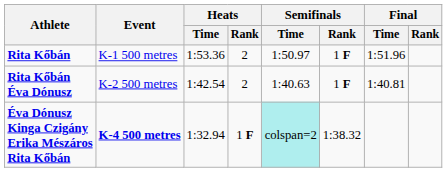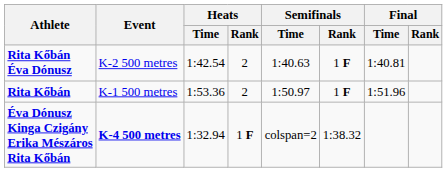 <table class=wikitable style="font-size:90%">
 <tr>
 <th rowspan="2">Athlete</th>
 <th rowspan="2">Event</th>
 <th colspan=2>Heats</th>
 <th colspan=2>Semifinals</th>
 <th colspan=2>Final</th>
 </tr>
 <tr style="font-size:95%">
 <th>Time</th>
 <th>Rank</th>
 <th>Time</th>
 <th>Rank</th>
 <th>Time</th>
 <th>Rank</th>
 </tr>
 <tr align=center>
+<td align=left><strong><a href='#'>Rita Kőbán</a><br><a href='#'>Éva Dónusz</a></strong></td>
+<td align=left><a href='#'>K-2 500 metres</a></td>
+<td>1:42.54</td>
+<td>2</td>
+<td>1:40.63</td>
+<td>1 <strong>F</strong></td>
+<td>1:40.81</td>
+<td></td>
+</tr>
+<tr align=center>
 <td align=left><strong><a href='#'>Rita Kőbán</a></strong></td>
 <td align=left><a href='#'>K-1 500 metres</a></td>
 <td>1:53.36</td>
 <td>2</td>
 <td>1:50.97</td>
 <td>1 <strong>F</strong></td>
 <td>1:51.96</td>
 <td></td>
 </tr>
 <tr align=center>
-<td align=left><strong><a href='#'>Rita Kőbán</a><br><a href='#'>Éva Dónusz</a></strong></td>
-<td align=left><a href='#'>K-2 500 metres</a></td>
-<td>1:42.54</td>
-<td>2</td>
-<td>1:40.63</td>
-<td>1 <strong>F</strong></td>
-<td>1:40.81</td>
-<td></td>
-</tr>
-<tr align=center>
 <td align=left><strong><a href='#'>Éva Dónusz</a><br><a href='#'>Kinga Czigány</a><br><a href='#'>Erika Mészáros</a><br><a href='#'>Rita Kőbán</a></strong></td>
 <td align=left><strong><a href='#'>K-4 500 metres</a></strong></td>
 <td>1:32.94</td>
 <td>1 <strong>F</strong></td>
-<td style="background: paleturquoise;">colspan=2</td>
+<td>colspan=2</td>
 <td>1:38.32</td>
 <td></td>
 </tr>
 </table>
